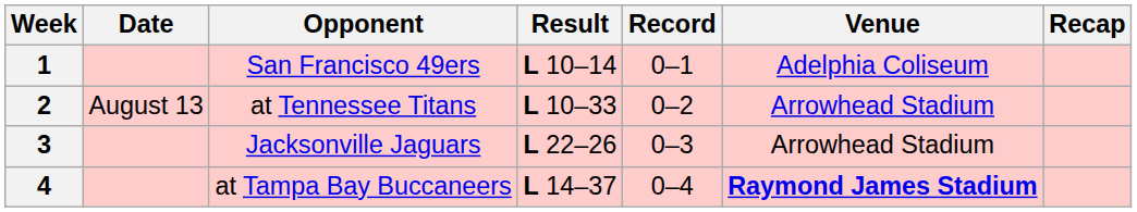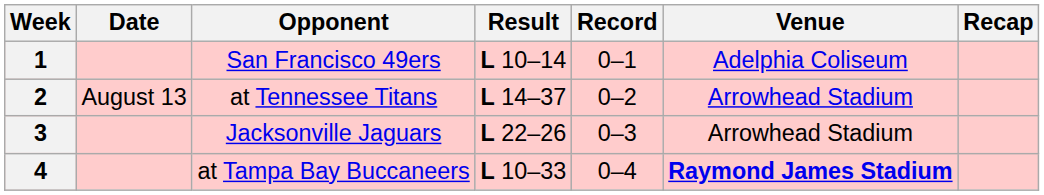 <table class="wikitable" style="text-align:center">
 <tr>
 <th>Week</th>
 <th>Date</th>
 <th>Opponent</th>
 <th>Result</th>
 <th>Record</th>
 <th>Venue</th>
 <th>Recap</th>
 </tr>
 <tr style="background:#fcc">
 <th>1</th>
 <td></td>
 <td><a href='#'>San Francisco 49ers</a></td>
 <td><strong>L</strong> 10–14</td>
 <td>0–1</td>
 <td><a href='#'>Adelphia Coliseum</a></td>
 <td></td>
 </tr>
 <tr style="background:#fcc">
 <th>2</th>
 <td>August 13</td>
 <td>at <a href='#'>Tennessee Titans</a></td>
-<td><strong>L</strong> 10–33</td>
+<td><strong>L</strong> 14–37</td>
 <td>0–2</td>
 <td><a href='#'>Arrowhead Stadium</a></td>
 <td></td>
 </tr>
 <tr style="background:#fcc">
 <th>3</th>
 <td></td>
 <td><a href='#'>Jacksonville Jaguars</a></td>
 <td><strong>L</strong> 22–26</td>
 <td>0–3</td>
 <td>Arrowhead Stadium</td>
 <td></td>
 </tr>
 <tr style="background:#fcc">
 <th>4</th>
 <td></td>
 <td>at <a href='#'>Tampa Bay Buccaneers</a></td>
-<td><strong>L</strong> 14–37</td>
+<td><strong>L</strong> 10–33</td>
 <td>0–4</td>
 <td><strong><a href='#'>Raymond James Stadium</a></strong></td>
 <td></td>
 </tr>
 </table>
